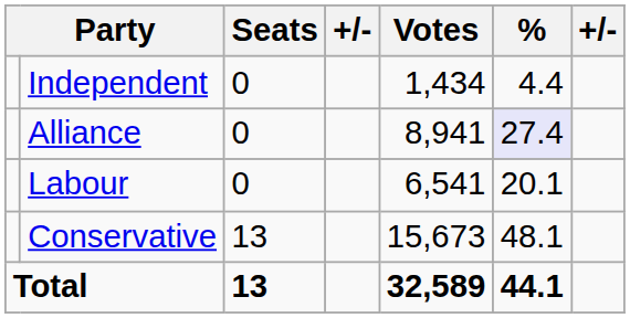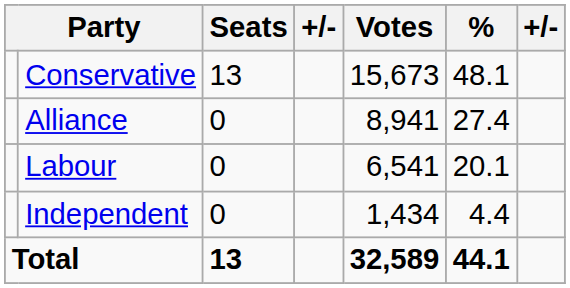 <table class="wikitable sortable">
 <tr>
 <th colspan="2">Party</th>
 <th>Seats</th>
 <th>+/-</th>
 <th>Votes</th>
 <th>%</th>
 <th>+/-</th>
 </tr>
 <tr>
 <td style="background-color: "></td>
-<td><a href='#'>Independent</a></td>
-<td>0</td>
+<td><a href='#'>Conservative</a></td>
+<td>13</td>
 <td></td>
-<td style="text-align:right;">1,434</td>
-<td style="text-align:right;">4.4</td>
+<td style="text-align:right;">15,673</td>
+<td style="text-align:right;">48.1</td>
 <td style="text-align:right;"></td>
 </tr>
 <tr>
 <td style="background-color: "></td>
 <td><a href='#'>Alliance</a></td>
 <td>0</td>
 <td></td>
 <td style="text-align:right;">8,941</td>
-<td style="background: lavender; text-align:right;">27.4</td>
+<td style="text-align:right;">27.4</td>
 <td style="text-align:right;"></td>
 </tr>
 <tr>
 <td style="background-color: "></td>
 <td><a href='#'>Labour</a></td>
 <td>0</td>
 <td></td>
 <td style="text-align:right;">6,541</td>
 <td style="text-align:right;">20.1</td>
 <td style="text-align:right;"></td>
 </tr>
 <tr>
 <td style="background-color: "></td>
-<td><a href='#'>Conservative</a></td>
-<td>13</td>
+<td><a href='#'>Independent</a></td>
+<td>0</td>
 <td></td>
-<td style="text-align:right;">15,673</td>
-<td style="text-align:right;">48.1</td>
+<td style="text-align:right;">1,434</td>
+<td style="text-align:right;">4.4</td>
 <td style="text-align:right;"></td>
 </tr>
 <tr>
 <td colspan="2"><strong>Total</strong></td>
 <td><strong>13</strong></td>
 <td></td>
 <td style="text-align:right;"><strong>32,589</strong></td>
 <td style="text-align:right;"><strong>44.1</strong></td>
 <td style="text-align:right;"></td>
 </tr>
 </table>
